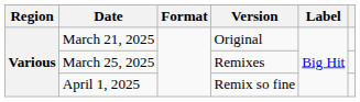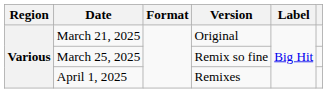 <table class="wikitable plainrowheaders">
 <tr>
 <th scope="col">Region</th>
 <th scope="col">Date</th>
 <th scope="col">Format</th>
 <th scope="col">Version</th>
 <th scope="col">Label</th>
 <th scope="col"></th>
 </tr>
 <tr>
 <th scope="row" rowspan="3">Various</th>
 <td>March 21, 2025</td>
 <td rowspan="3"></td>
 <td>Original</td>
 <td rowspan="3"><a href='#'>Big Hit</a></td>
 <td style="text-align:center"></td>
 </tr>
 <tr>
 <td>March 25, 2025</td>
-<td>Remixes</td>
+<td>Remix so fine</td>
 <td style="text-align:center"></td>
 </tr>
 <tr>
 <td>April 1, 2025</td>
-<td>Remix so fine</td>
+<td>Remixes</td>
 <td style="text-align:center"></td>
 </tr>
 </table>
